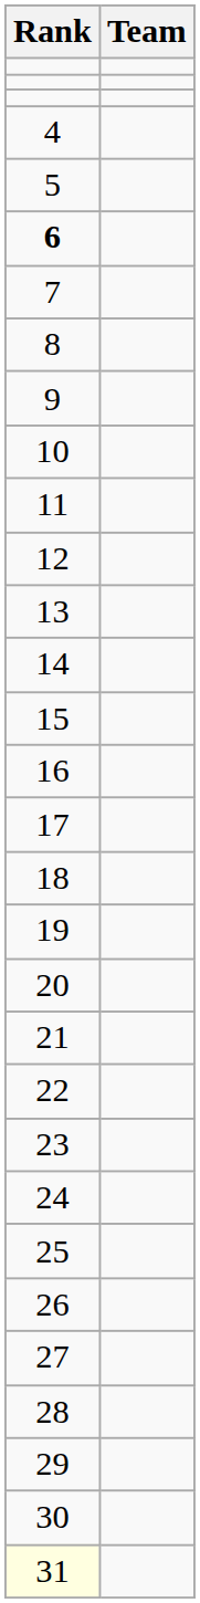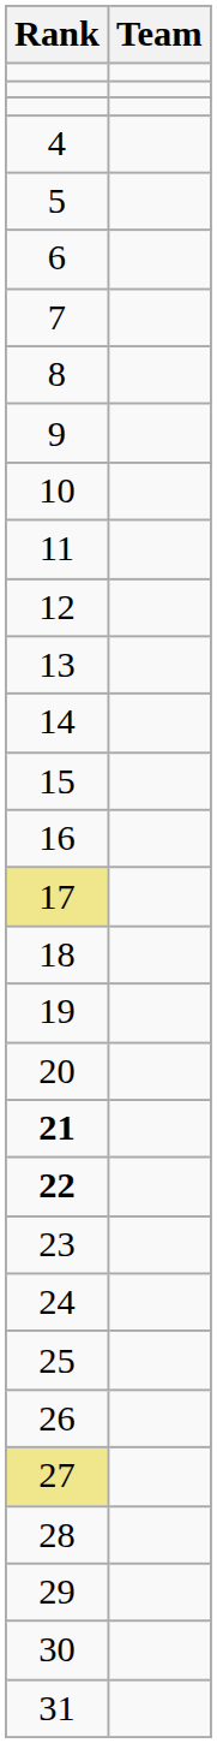 <table class="wikitable">
 <tr>
 <th>Rank</th>
 <th>Team</th>
 </tr>
 <tr>
 <td align=center></td>
 <td></td>
 </tr>
 <tr>
 <td align=center></td>
 <td></td>
 </tr>
 <tr>
 <td align=center></td>
 <td></td>
 </tr>
 <tr>
 <td align=center>4</td>
 <td></td>
 </tr>
 <tr>
 <td align=center>5</td>
 <td></td>
 </tr>
 <tr>
-<td align=center><strong>6</strong></td>
+<td align=center>6</td>
 <td></td>
 </tr>
 <tr>
 <td align=center>7</td>
 <td></td>
 </tr>
 <tr>
 <td align=center>8</td>
 <td></td>
 </tr>
 <tr>
 <td align=center>9</td>
 <td></td>
 </tr>
 <tr>
 <td align=center>10</td>
 <td></td>
 </tr>
 <tr>
 <td align=center>11</td>
 <td></td>
 </tr>
 <tr>
 <td align=center>12</td>
 <td></td>
 </tr>
 <tr>
 <td align=center>13</td>
 <td></td>
 </tr>
 <tr>
 <td align=center>14</td>
 <td></td>
 </tr>
 <tr>
 <td align=center>15</td>
 <td></td>
 </tr>
 <tr>
 <td align=center>16</td>
 <td></td>
 </tr>
 <tr>
-<td align=center>17</td>
+<td align=center style="background: khaki;">17</td>
 <td></td>
 </tr>
 <tr>
 <td align=center>18</td>
 <td></td>
 </tr>
 <tr>
 <td align=center>19</td>
 <td></td>
 </tr>
 <tr>
 <td align=center>20</td>
 <td></td>
 </tr>
 <tr>
-<td align=center>21</td>
+<td align=center><strong>21</strong></td>
 <td></td>
 </tr>
 <tr>
-<td align=center>22</td>
+<td align=center><strong>22</strong></td>
 <td></td>
 </tr>
 <tr>
 <td align=center>23</td>
 <td></td>
 </tr>
 <tr>
 <td align=center>24</td>
 <td></td>
 </tr>
 <tr>
 <td align=center>25</td>
 <td></td>
 </tr>
 <tr>
 <td align=center>26</td>
 <td></td>
 </tr>
 <tr>
-<td align=center>27</td>
+<td align=center style="background: khaki;">27</td>
 <td></td>
 </tr>
 <tr>
 <td align=center>28</td>
 <td></td>
 </tr>
 <tr>
 <td align=center>29</td>
 <td></td>
 </tr>
 <tr>
 <td align=center>30</td>
 <td></td>
 </tr>
 <tr>
-<td align=center style="background: lightyellow;">31</td>
+<td align=center>31</td>
 <td></td>
 </tr>
 </table>
